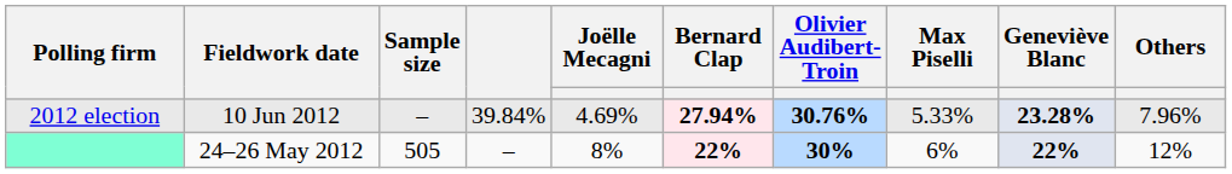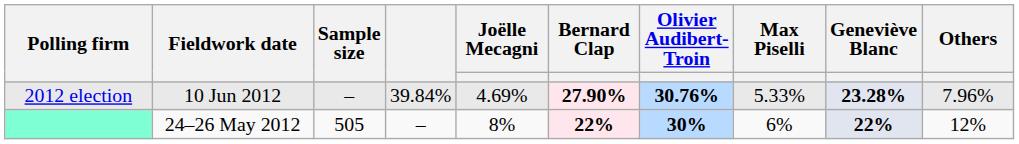 <table class="wikitable sortable" style="text-align:center;font-size:90%;line-height:14px;">
 <tr style="height:40px;">
 <th style="width:100px;" rowspan="2">Polling firm</th>
 <th style="width:110px;" rowspan="2">Fieldwork date</th>
 <th style="width:35px;" rowspan="2">Sample<br>size</th>
 <th style="width:30px;" rowspan="2"></th>
 <th class="unsortable" style="width:60px;">Joëlle Mecagni<br></th>
 <th class="unsortable" style="width:60px;">Bernard Clap<br></th>
 <th class="unsortable" style="width:60px;"><a href='#'>Olivier Audibert-Troin</a><br></th>
 <th class="unsortable" style="width:60px;">Max Piselli<br></th>
 <th class="unsortable" style="width:60px;">Geneviève Blanc<br></th>
 <th class="unsortable" style="width:60px;">Others</th>
 </tr>
 <tr>
 <th style="background:"></th>
 <th style="background:"></th>
 <th style="background:"></th>
 <th style="background:"></th>
 <th style="background:"></th>
 <th style="background:"></th>
 </tr>
 <tr style="background:#E9E9E9;">
 <td><a href='#'>2012 election</a></td>
 <td data-sort-value="2012-06-10">10 Jun 2012</td>
 <td>–</td>
 <td>39.84%</td>
 <td>4.69%</td>
-<td style="background:#FFE6EC;"><strong>27.94%</strong></td>
+<td style="background:#FFE6EC;"><strong>27.90%</strong></td>
 <td style="background:#B9DAFF;"><strong>30.76%</strong></td>
 <td>5.33%</td>
 <td style="background:#E0E5F0;"><strong>23.28%</strong></td>
 <td>7.96%</td>
 </tr>
 <tr>
 <td style="background:aquamarine;"></td>
 <td data-sort-value="2012-05-26">24–26 May 2012</td>
 <td>505</td>
 <td>–</td>
 <td>8%</td>
 <td style="background:#FFE6EC;"><strong>22%</strong></td>
 <td style="background:#B9DAFF;"><strong>30%</strong></td>
 <td>6%</td>
 <td style="background:#E0E5F0;"><strong>22%</strong></td>
 <td>12%</td>
 </tr>
 </table>
